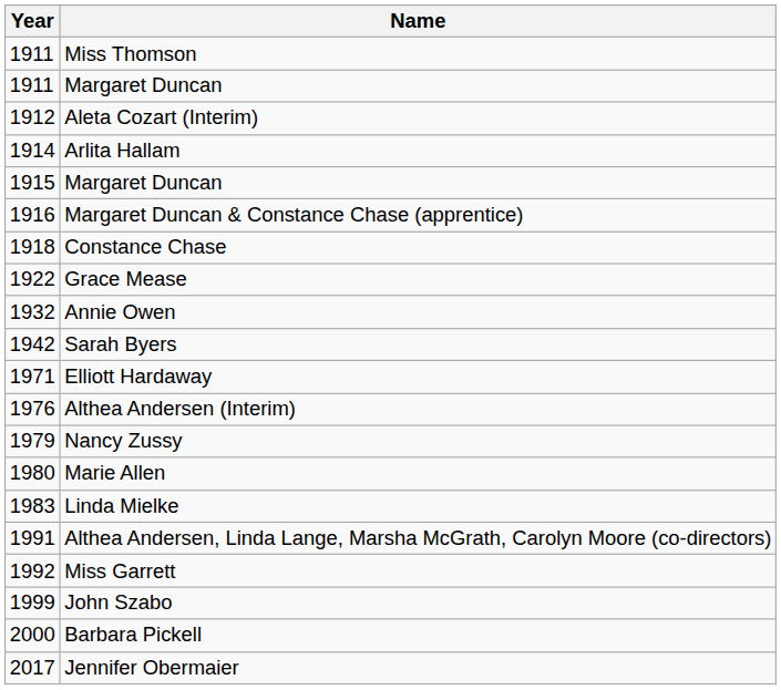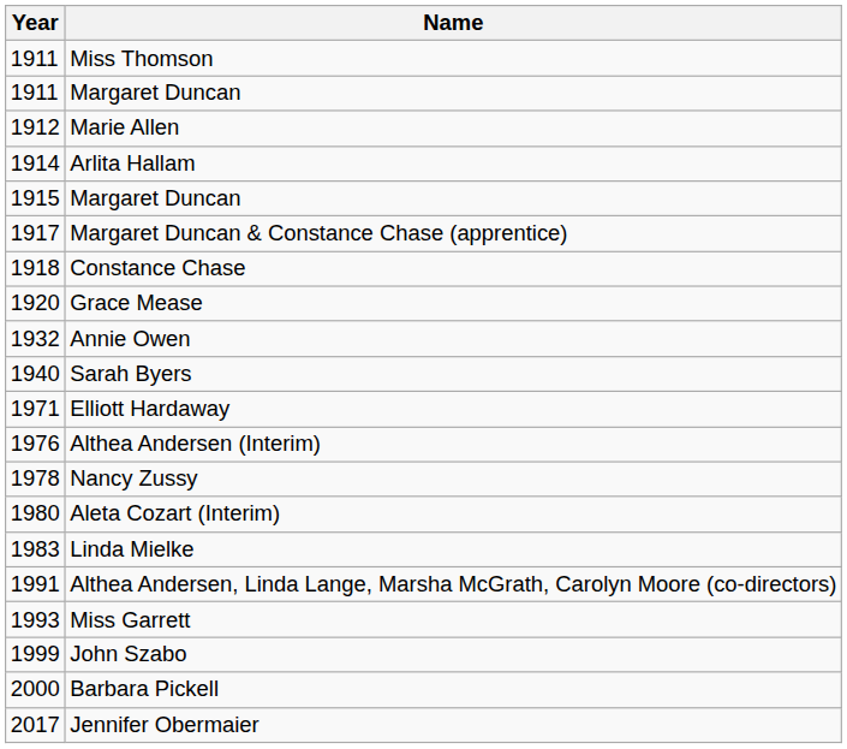 <table class="wikitable">
 <tr>
 <th>Year</th>
 <th>Name</th>
 </tr>
 <tr>
 <td>1911</td>
 <td>Miss Thomson</td>
 </tr>
 <tr>
 <td>1911</td>
 <td>Margaret Duncan</td>
 </tr>
 <tr>
 <td>1912</td>
-<td>Aleta Cozart (Interim)</td>
+<td>Marie Allen</td>
 </tr>
 <tr>
 <td>1914</td>
 <td>Arlita Hallam</td>
 </tr>
 <tr>
 <td>1915</td>
 <td>Margaret Duncan</td>
 </tr>
 <tr>
-<td>1916</td>
+<td>1917</td>
 <td>Margaret Duncan & Constance Chase (apprentice)</td>
 </tr>
 <tr>
 <td>1918</td>
 <td>Constance Chase</td>
 </tr>
 <tr>
-<td>1922</td>
+<td>1920</td>
 <td>Grace Mease</td>
 </tr>
 <tr>
 <td>1932</td>
 <td>Annie Owen</td>
 </tr>
 <tr>
-<td>1942</td>
+<td>1940</td>
 <td>Sarah Byers</td>
 </tr>
 <tr>
 <td>1971</td>
 <td>Elliott Hardaway</td>
 </tr>
 <tr>
 <td>1976</td>
 <td>Althea Andersen (Interim)</td>
 </tr>
 <tr>
-<td>1979</td>
+<td>1978</td>
 <td>Nancy Zussy</td>
 </tr>
 <tr>
 <td>1980</td>
-<td>Marie Allen</td>
+<td>Aleta Cozart (Interim)</td>
 </tr>
 <tr>
 <td>1983</td>
 <td>Linda Mielke</td>
 </tr>
 <tr>
 <td>1991</td>
 <td>Althea Andersen, Linda Lange, Marsha McGrath, Carolyn Moore (co-directors)</td>
 </tr>
 <tr>
-<td>1992</td>
+<td>1993</td>
 <td>Miss Garrett</td>
 </tr>
 <tr>
 <td>1999</td>
 <td>John Szabo</td>
 </tr>
 <tr>
 <td>2000</td>
 <td>Barbara Pickell</td>
 </tr>
 <tr>
 <td>2017</td>
 <td>Jennifer Obermaier</td>
 </tr>
 </table>
